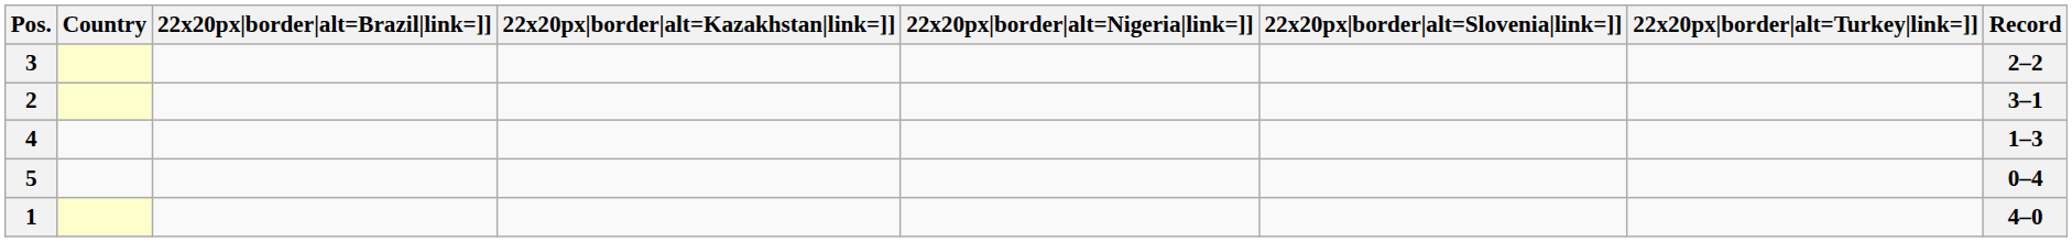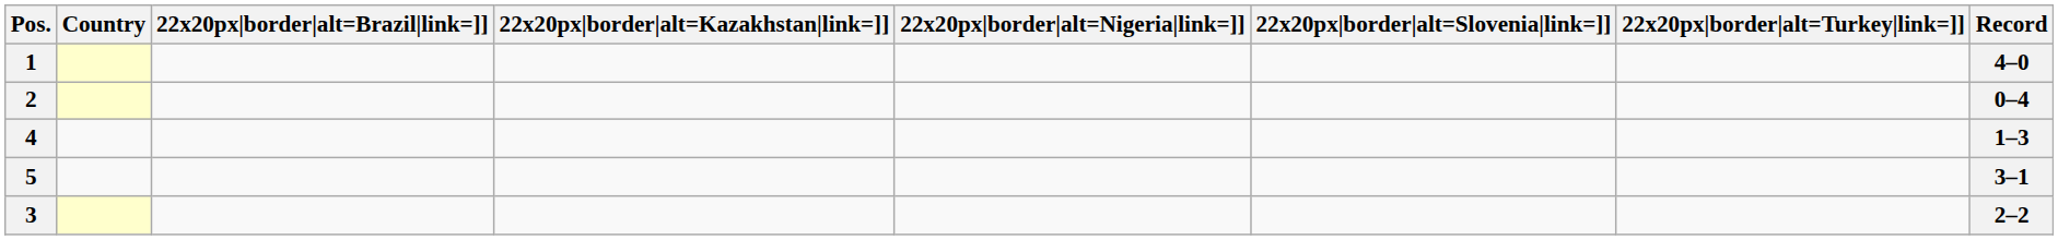 <table class="wikitable sortable nowrap" style="text-align:center; font-size:0.9em">
 <tr>
 <th>Pos.</th>
 <th>Country</th>
 <th [[Image:>22x20px|border|alt=Brazil|link=]]</th>
 <th [[Image:>22x20px|border|alt=Kazakhstan|link=]]</th>
 <th [[Image:>22x20px|border|alt=Nigeria|link=]]</th>
 <th [[Image:>22x20px|border|alt=Slovenia|link=]]</th>
 <th [[Image:>22x20px|border|alt=Turkey|link=]]</th>
 <th>Record</th>
 </tr>
 <tr>
-<th>3</th>
+<th>1</th>
 <td style="text-align:left; background:#ffffcc;"></td>
 <td> </td>
 <td> </td>
 <td> </td>
 <td> </td>
 <td> </td>
-<th>2–2</th>
+<th>4–0</th>
 </tr>
 <tr>
 <th>2</th>
 <td style="text-align:left; background:#ffffcc;"></td>
 <td> </td>
 <td> </td>
 <td> </td>
 <td> </td>
 <td> </td>
-<th>3–1</th>
+<th>0–4</th>
 </tr>
 <tr>
 <th>4</th>
 <td style="text-align:left;"></td>
 <td> </td>
 <td> </td>
 <td> </td>
 <td> </td>
 <td> </td>
 <th>1–3</th>
 </tr>
 <tr>
 <th>5</th>
 <td style="text-align:left;"></td>
 <td> </td>
 <td> </td>
 <td> </td>
 <td> </td>
 <td> </td>
-<th>0–4</th>
+<th>3–1</th>
 </tr>
 <tr>
-<th>1</th>
+<th>3</th>
 <td style="text-align:left; background:#ffffcc;"></td>
 <td> </td>
 <td> </td>
 <td> </td>
 <td> </td>
 <td> </td>
-<th>4–0</th>
+<th>2–2</th>
 </tr>
 </table>
